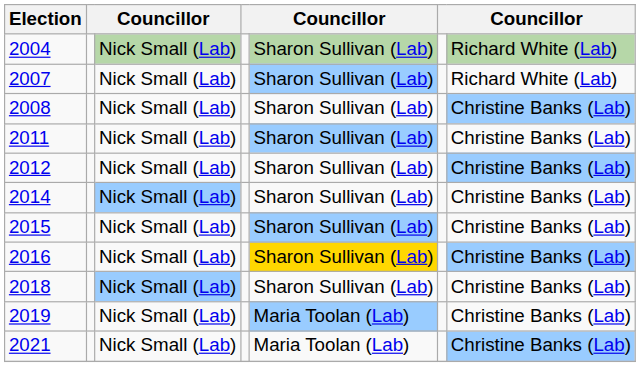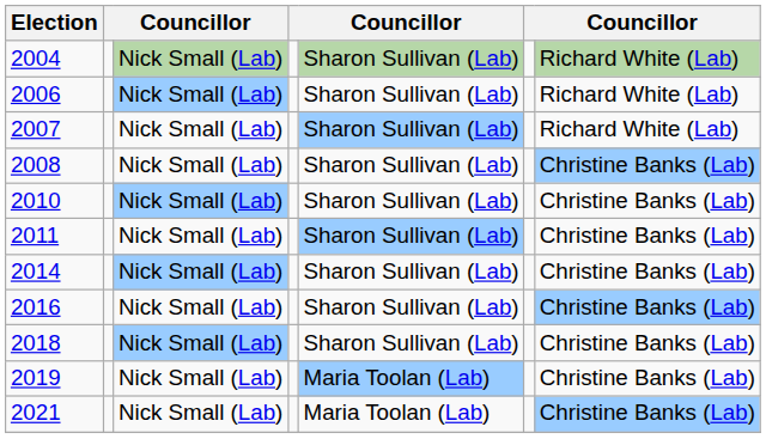 <table class="wikitable">
 <tr>
 <th>Election</th>
 <th colspan="2">Councillor</th>
 <th colspan="2">Councillor</th>
 <th colspan="2">Councillor</th>
 </tr>
 <tr>
 <td><a href='#'>2004</a></td>
 <td style="background-color: "></td>
 <td bgcolor="#B6D7A8">Nick Small (<a href='#'>Lab</a>)</td>
 <td style="background-color: "></td>
 <td bgcolor="#B6D7A8">Sharon Sullivan (<a href='#'>Lab</a>)</td>
 <td style="background-color: "></td>
 <td bgcolor="#B6D7A8">Richard White (<a href='#'>Lab</a>)</td>
+</tr>
+<tr>
+<td><a href='#'>2006</a></td>
+<td style="background-color: "></td>
+<td bgcolor="#99CCFF">Nick Small (<a href='#'>Lab</a>)</td>
+<td style="background-color: "></td>
+<td>Sharon Sullivan (<a href='#'>Lab</a>)</td>
+<td style="background-color: "></td>
+<td>Richard White (<a href='#'>Lab</a>)</td>
 </tr>
 <tr>
 <td><a href='#'>2007</a></td>
 <td style="background-color: "></td>
 <td>Nick Small (<a href='#'>Lab</a>)</td>
 <td style="background-color: "></td>
 <td bgcolor="#99CCFF">Sharon Sullivan (<a href='#'>Lab</a>)</td>
 <td style="background-color: "></td>
 <td>Richard White (<a href='#'>Lab</a>)</td>
 </tr>
 <tr>
 <td><a href='#'>2008</a></td>
 <td style="background-color: "></td>
 <td>Nick Small (<a href='#'>Lab</a>)</td>
 <td style="background-color: "></td>
 <td>Sharon Sullivan (<a href='#'>Lab</a>)</td>
 <td style="background-color: "></td>
 <td bgcolor="#99CCFF">Christine Banks (<a href='#'>Lab</a>)</td>
 </tr>
 <tr>
+<td><a href='#'>2010</a></td>
+<td style="background-color: "></td>
+<td bgcolor="#99CCFF">Nick Small (<a href='#'>Lab</a>)</td>
+<td style="background-color: "></td>
+<td>Sharon Sullivan (<a href='#'>Lab</a>)</td>
+<td style="background-color: "></td>
+<td>Christine Banks (<a href='#'>Lab</a>)</td>
+</tr>
+<tr>
 <td><a href='#'>2011</a></td>
 <td style="background-color: "></td>
 <td>Nick Small (<a href='#'>Lab</a>)</td>
 <td style="background-color: "></td>
 <td bgcolor="#99CCFF">Sharon Sullivan (<a href='#'>Lab</a>)</td>
 <td style="background-color: "></td>
 <td>Christine Banks (<a href='#'>Lab</a>)</td>
-</tr>
-<tr>
-<td><a href='#'>2012</a></td>
-<td style="background-color: "></td>
-<td>Nick Small (<a href='#'>Lab</a>)</td>
-<td style="background-color: "></td>
-<td>Sharon Sullivan (<a href='#'>Lab</a>)</td>
-<td style="background-color: "></td>
-<td bgcolor="#99CCFF">Christine Banks (<a href='#'>Lab</a>)</td>
 </tr>
 <tr>
 <td><a href='#'>2014</a></td>
 <td style="background-color: "></td>
 <td bgcolor="#99CCFF">Nick Small (<a href='#'>Lab</a>)</td>
 <td style="background-color: "></td>
 <td>Sharon Sullivan (<a href='#'>Lab</a>)</td>
 <td style="background-color: "></td>
 <td>Christine Banks (<a href='#'>Lab</a>)</td>
 </tr>
 <tr>
-<td><a href='#'>2015</a></td>
-<td style="background-color: "></td>
-<td>Nick Small (<a href='#'>Lab</a>)</td>
-<td style="background-color: "></td>
-<td bgcolor="#99CCFF">Sharon Sullivan (<a href='#'>Lab</a>)</td>
-<td style="background-color: "></td>
-<td>Christine Banks (<a href='#'>Lab</a>)</td>
-</tr>
-<tr>
 <td><a href='#'>2016</a></td>
 <td style="background-color: "></td>
 <td>Nick Small (<a href='#'>Lab</a>)</td>
 <td style="background-color: "></td>
-<td style="background: gold;">Sharon Sullivan (<a href='#'>Lab</a>)</td>
+<td>Sharon Sullivan (<a href='#'>Lab</a>)</td>
 <td style="background-color: "></td>
 <td bgcolor="#99CCFF">Christine Banks (<a href='#'>Lab</a>)</td>
 </tr>
 <tr>
 <td><a href='#'>2018</a></td>
 <td style="background-color: "></td>
 <td bgcolor="#99CCFF">Nick Small (<a href='#'>Lab</a>)</td>
 <td style="background-color: "></td>
 <td>Sharon Sullivan (<a href='#'>Lab</a>)</td>
 <td style="background-color: "></td>
 <td>Christine Banks (<a href='#'>Lab</a>)</td>
 </tr>
 <tr>
 <td><a href='#'>2019</a></td>
 <td style="background-color: "></td>
 <td>Nick Small (<a href='#'>Lab</a>)</td>
 <td style="background-color: "></td>
 <td bgcolor="#99CCFF">Maria Toolan (<a href='#'>Lab</a>)</td>
 <td style="background-color: "></td>
 <td>Christine Banks (<a href='#'>Lab</a>)</td>
 </tr>
 <tr>
 <td><a href='#'>2021</a></td>
 <td style="background-color: "></td>
 <td>Nick Small (<a href='#'>Lab</a>)</td>
 <td style="background-color: "></td>
 <td>Maria Toolan (<a href='#'>Lab</a>)</td>
 <td style="background-color: "></td>
 <td bgcolor="#99CCFF">Christine Banks (<a href='#'>Lab</a>)</td>
 </tr>
 <tr>
 </tr>
 </table>
